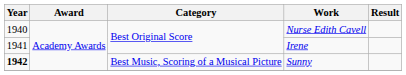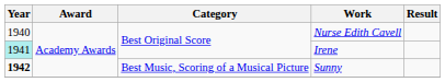 <table class="wikitable">
 <tr>
 <th>Year</th>
 <th>Award</th>
 <th>Category</th>
 <th>Work</th>
 <th>Result</th>
 </tr>
 <tr>
 <td>1940</td>
 <td rowspan=3><a href='#'>Academy Awards</a></td>
 <td rowspan=2><a href='#'>Best Original Score</a></td>
 <td><em><a href='#'>Nurse Edith Cavell</a></em></td>
 <td></td>
 </tr>
 <tr>
-<td>1941</td>
+<td style="background: paleturquoise;">1941</td>
 <td><em><a href='#'>Irene</a></em></td>
 <td></td>
 </tr>
 <tr>
 <td><strong>1942</strong></td>
 <td><a href='#'>Best Music, Scoring of a Musical Picture</a></td>
 <td><em><a href='#'>Sunny</a></em></td>
 <td></td>
 </tr>
 <tr>
 </tr>
 </table>
